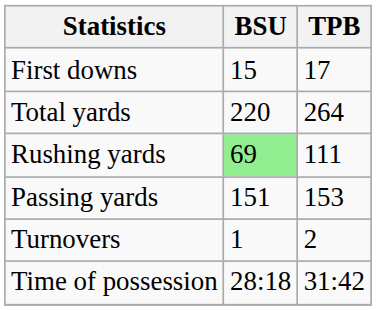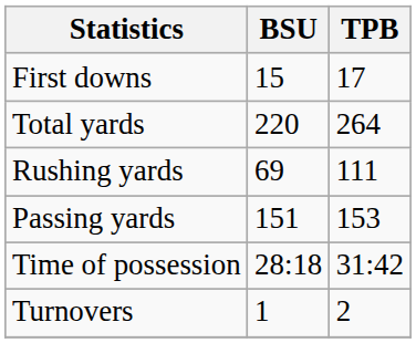 <table class="wikitable" style="float: left;">
 <tr>
 <th>Statistics</th>
 <th>BSU</th>
 <th>TPB</th>
 </tr>
 <tr>
 <td>First downs</td>
 <td>15</td>
 <td>17</td>
 </tr>
 <tr>
 <td>Total yards</td>
 <td>220</td>
 <td>264</td>
 </tr>
 <tr>
 <td>Rushing yards</td>
-<td style="background: lightgreen;">69</td>
+<td>69</td>
 <td>111</td>
 </tr>
 <tr>
 <td>Passing yards</td>
 <td>151</td>
 <td>153</td>
 </tr>
 <tr>
+<td>Time of possession</td>
+<td>28:18</td>
+<td>31:42</td>
+</tr>
+<tr>
 <td>Turnovers</td>
 <td>1</td>
 <td>2</td>
 </tr>
 <tr>
-<td>Time of possession</td>
-<td>28:18</td>
-<td>31:42</td>
-</tr>
-<tr>
 </tr>
 </table>
